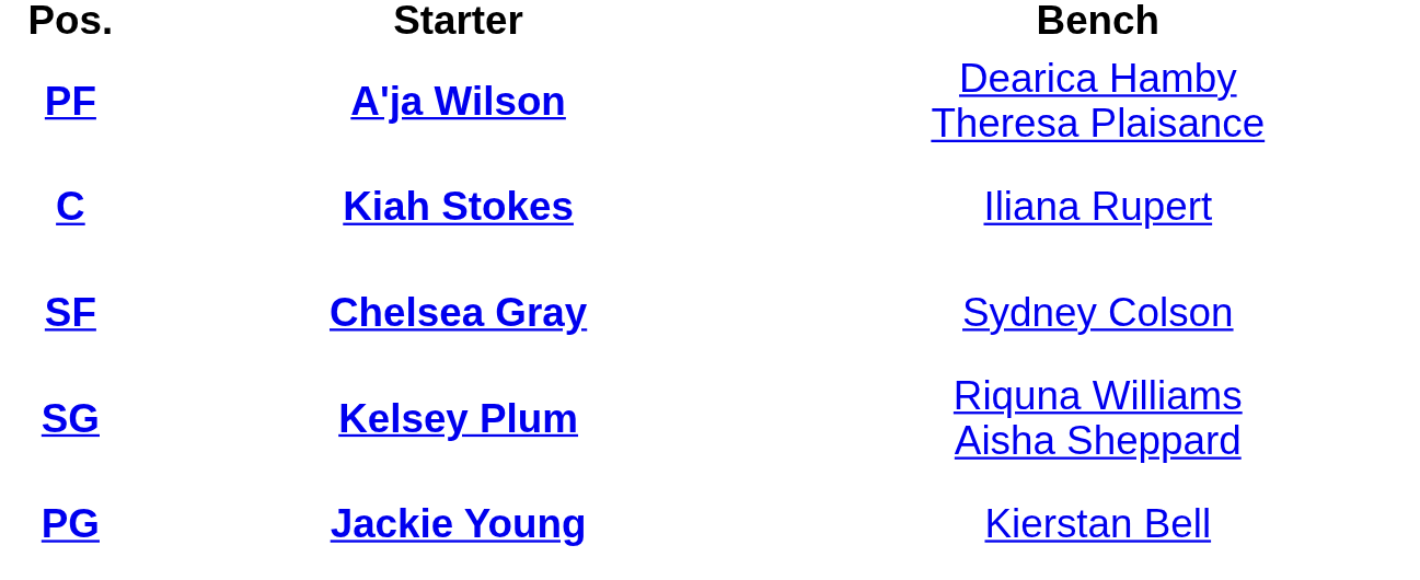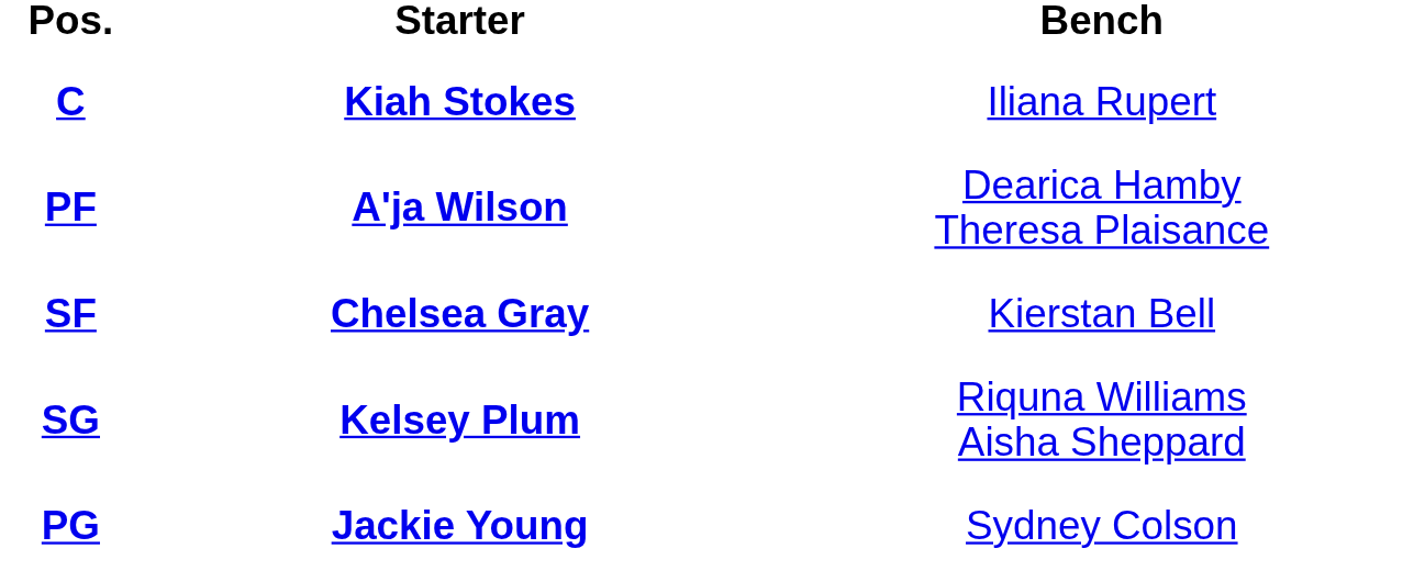 <table style="text-align:center; ">
 <tr>
 <th width="50">Pos.</th>
 <th width="250">Starter</th>
 <th width="250">Bench</th>
 </tr>
 <tr style="height:40px; background:white; color:#092C57">
+<th><a href='#'><span>C</span></a></th>
+<td><strong><a href='#'>Kiah Stokes</a></strong></td>
+<td><a href='#'>Iliana Rupert</a></td>
+</tr>
+<tr style="height:40px; background:white; color:#092C57">
 <th><a href='#'><span>PF</span></a></th>
 <td><strong><a href='#'>A'ja Wilson</a></strong></td>
 <td><a href='#'>Dearica Hamby</a><br><a href='#'>Theresa Plaisance</a></td>
 </tr>
 <tr style="height:40px; background:white; color:#092C57">
-<th><a href='#'><span>C</span></a></th>
-<td><strong><a href='#'>Kiah Stokes</a></strong></td>
-<td><a href='#'>Iliana Rupert</a></td>
-</tr>
-<tr style="height:40px; background:white; color:#092C57">
 <th><a href='#'><span>SF</span></a></th>
 <td><strong><a href='#'>Chelsea Gray</a></strong></td>
-<td><a href='#'>Sydney Colson</a></td>
+<td><a href='#'>Kierstan Bell</a></td>
 </tr>
 <tr style="height:40px; background:white; color:#092C57">
 <th><a href='#'><span>SG</span></a></th>
 <td><strong><a href='#'>Kelsey Plum</a></strong></td>
 <td><a href='#'>Riquna Williams</a><br><a href='#'>Aisha Sheppard</a></td>
 </tr>
 <tr style="height:40px; background:white; color:#092C57">
 <th><a href='#'><span>PG</span></a></th>
 <td><strong><a href='#'>Jackie Young</a></strong></td>
-<td><a href='#'>Kierstan Bell</a></td>
+<td><a href='#'>Sydney Colson</a></td>
 </tr>
 </table>
